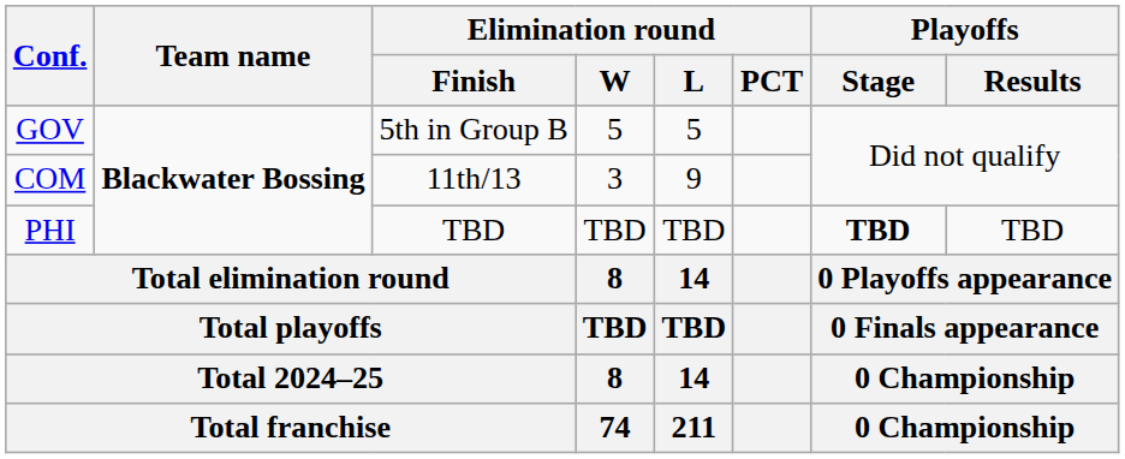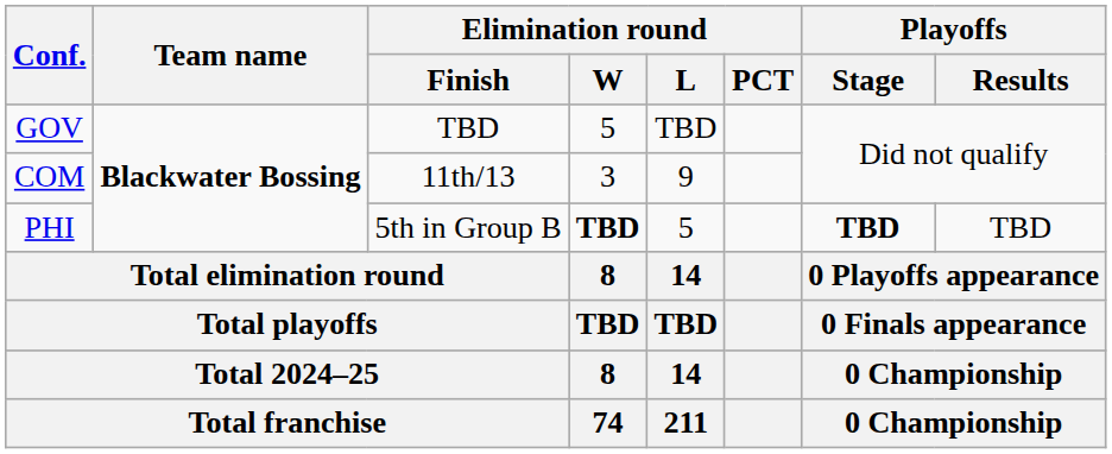 <table class=wikitable style="text-align:center;">
 <tr>
 <th rowspan=2><a href='#'>Conf.</a></th>
 <th rowspan=2>Team name</th>
 <th colspan=4>Elimination round</th>
 <th colspan=2>Playoffs</th>
 </tr>
 <tr>
 <th>Finish</th>
 <th>W</th>
 <th>L</th>
 <th>PCT</th>
 <th>Stage</th>
 <th>Results</th>
 </tr>
 <tr>
 <td><a href='#'>GOV</a></td>
 <td rowspan=3><strong>Blackwater Bossing</strong></td>
-<td>5th in Group B</td>
+<td>TBD</td>
 <td>5</td>
-<td>5</td>
+<td>TBD</td>
 <td></td>
 <td rowspan=2 colspan=2>Did not qualify</td>
 </tr>
 <tr>
 <td><a href='#'>COM</a></td>
 <td>11th/13</td>
 <td>3</td>
 <td>9</td>
 <td></td>
 </tr>
 <tr>
 <td><a href='#'>PHI</a></td>
-<td>TBD</td>
-<td>TBD</td>
-<td>TBD</td>
+<td>5th in Group B</td>
+<td><strong>TBD</strong></td>
+<td>5</td>
 <td></td>
 <td><strong>TBD</strong></td>
 <td>TBD</td>
 </tr>
 <tr>
 <th colspan=3>Total elimination round</th>
 <th>8</th>
 <th>14</th>
 <th></th>
 <th colspan=2>0 Playoffs appearance</th>
 </tr>
 <tr>
 <th colspan=3>Total playoffs</th>
 <th>TBD</th>
 <th>TBD</th>
 <th></th>
 <th colspan=2>0 Finals appearance</th>
 </tr>
 <tr>
 <th colspan=3>Total 2024–25</th>
 <th>8</th>
 <th>14</th>
 <th></th>
 <th colspan=2>0 Championship</th>
 </tr>
 <tr>
 <th colspan=3>Total franchise</th>
 <th>74</th>
 <th>211</th>
 <th></th>
 <th colspan=2>0 Championship</th>
 </tr>
 </table>
